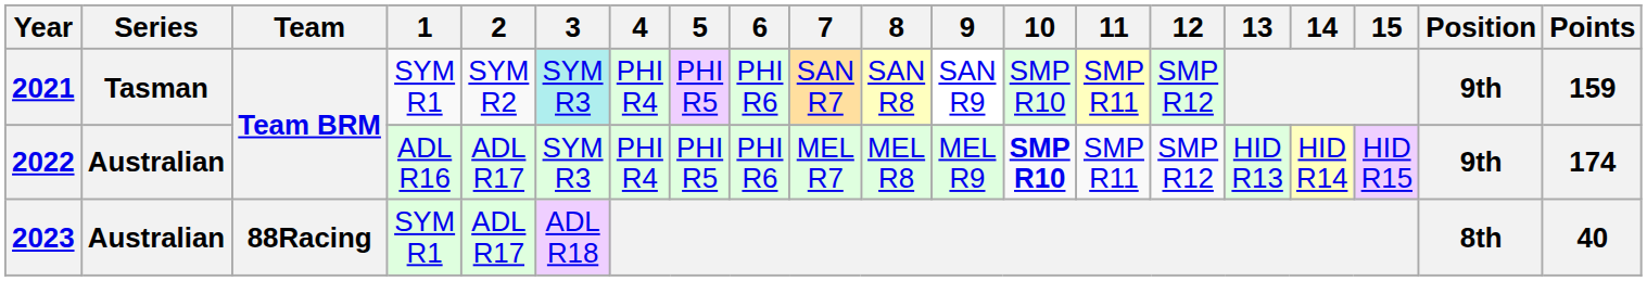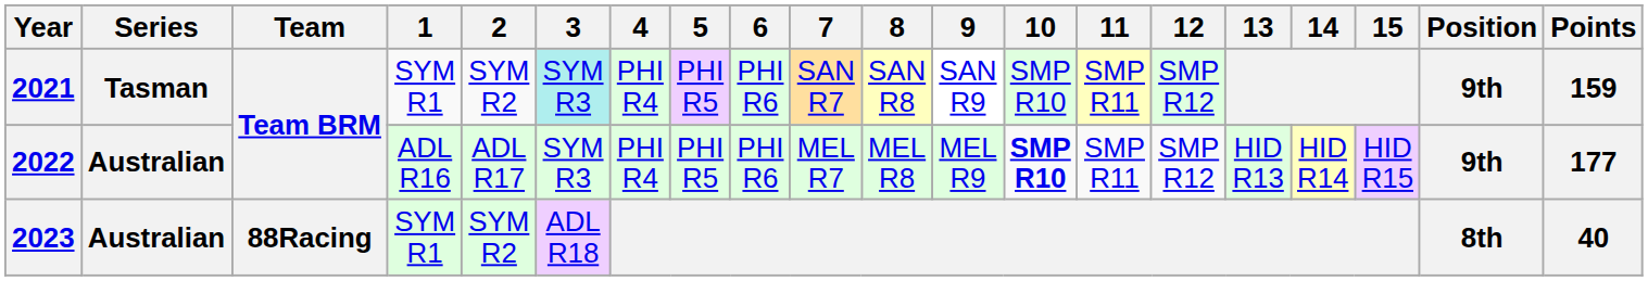 <table class="wikitable" style="text-align:center; font-size:85%">
 <tr>
 <th>Year</th>
 <th>Series</th>
 <th>Team</th>
 <th>1</th>
 <th>2</th>
 <th>3</th>
 <th>4</th>
 <th>5</th>
 <th>6</th>
 <th>7</th>
 <th>8</th>
 <th>9</th>
 <th>10</th>
 <th>11</th>
 <th>12</th>
 <th>13</th>
 <th>14</th>
 <th>15</th>
 <th>Position</th>
 <th>Points</th>
 </tr>
 <tr>
 <th><a href='#'>2021</a></th>
 <th>Tasman</th>
 <th rowspan=2><a href='#'>Team BRM</a></th>
 <td><a href='#'>SYM<br>R1</a></td>
 <td><a href='#'>SYM<br>R2</a></td>
 <td style="background: paleturquoise;"><a href='#'>SYM<br>R3</a></td>
 <td style="background:#dfffdf;"><a href='#'>PHI<br>R4</a><br></td>
 <td style="background:#efcfff;"><a href='#'>PHI<br>R5</a><br></td>
 <td style="background:#dfffdf;"><a href='#'>PHI<br>R6</a><br></td>
 <td style="background:#ffdf9f;"><a href='#'>SAN<br>R7</a><br></td>
 <td style="background:#ffffbf;"><a href='#'>SAN<br>R8</a><br></td>
 <td style="background:#ffffff;"><a href='#'>SAN<br>R9</a><br></td>
 <td style="background:#dfffdf;"><a href='#'>SMP<br>R10</a><br></td>
 <td style="background:#ffffbf;"><a href='#'>SMP<br>R11</a><br></td>
 <td style="background:#dfffdf;"><a href='#'>SMP<br>R12</a><br></td>
 <th colspan=3></th>
 <th>9th</th>
 <th>159</th>
 </tr>
 <tr>
 <th><a href='#'>2022</a></th>
 <th>Australian</th>
 <td style="background:#dfffdf"><a href='#'>ADL<br>R16</a><br></td>
 <td style="background:#dfffdf"><a href='#'>ADL<br>R17</a><br></td>
 <td style="background:#dfffdf;"><a href='#'>SYM<br>R3</a><br></td>
 <td style="background:#dfffdf;"><a href='#'>PHI<br>R4</a><br></td>
 <td style="background:#dfffdf;"><a href='#'>PHI<br>R5</a><br></td>
 <td style="background:#dfffdf;"><a href='#'>PHI<br>R6</a><br></td>
 <td style="background:#dfffdf;"><a href='#'>MEL<br>R7</a><br></td>
 <td style="background:#dfffdf;"><a href='#'>MEL<br>R8</a><br></td>
 <td style="background:#dfffdf;"><a href='#'>MEL<br>R9</a><br></td>
 <td><strong><a href='#'>SMP<br>R10</a><br></strong></td>
 <td><a href='#'>SMP<br>R11</a><br></td>
 <td><a href='#'>SMP<br>R12</a><br></td>
 <td style="background:#dfffdf;"><a href='#'>HID<br>R13</a><br></td>
 <td style="background:#ffffbf;"><a href='#'>HID<br>R14</a><br></td>
 <td style="background:#efcfff;"><a href='#'>HID<br>R15</a><br></td>
 <th>9th</th>
-<th>174</th>
+<th>177</th>
 </tr>
 <tr>
 <th><a href='#'>2023</a></th>
 <th>Australian</th>
 <th>88Racing</th>
 <td style="background:#dfffdf;"><a href='#'>SYM<br>R1</a><br></td>
-<td style="background:#dfffdf"><a href='#'>ADL<br>R17</a><br></td>
+<td style="background:#dfffdf;"><a href='#'>SYM<br>R2</a><br></td>
 <td style="background:#efcfff"><a href='#'>ADL<br>R18</a><br></td>
 <th colspan=12></th>
 <th>8th</th>
 <th>40</th>
 </tr>
 </table>
